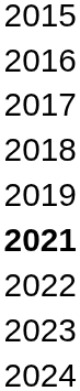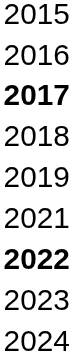 <table>
 <tr>
 <td align="center">2015</td>
 <td><br></td>
 <td><br></td>
 <td><br></td>
 </tr>
 <tr>
 <td align="center">2016</td>
 <td><br></td>
 <td><br></td>
 <td><br></td>
 </tr>
 <tr>
-<td align="center">2017</td>
+<td align="center"><strong>2017</strong></td>
 <td><br></td>
 <td><br></td>
 <td><br></td>
 </tr>
 <tr>
 <td align="center">2018</td>
 <td><br></td>
 <td><br></td>
 <td><br></td>
 </tr>
 <tr>
 <td align="center">2019</td>
 <td><br></td>
 <td><br></td>
 <td><br></td>
 </tr>
 <tr>
-<td align="center"><strong>2021</strong></td>
+<td align="center">2021</td>
 <td><br></td>
 <td><br></td>
 <td><br></td>
 </tr>
 <tr>
-<td align="center">2022</td>
+<td align="center"><strong>2022</strong></td>
 <td><br></td>
 <td><br></td>
 <td><br></td>
 </tr>
 <tr>
 <td align="center">2023</td>
 <td><br></td>
 <td><br></td>
 <td><br></td>
 </tr>
 <tr>
 <td align="center">2024</td>
 <td><br></td>
 <td><br></td>
 <td><br></td>
 </tr>
 </table>
